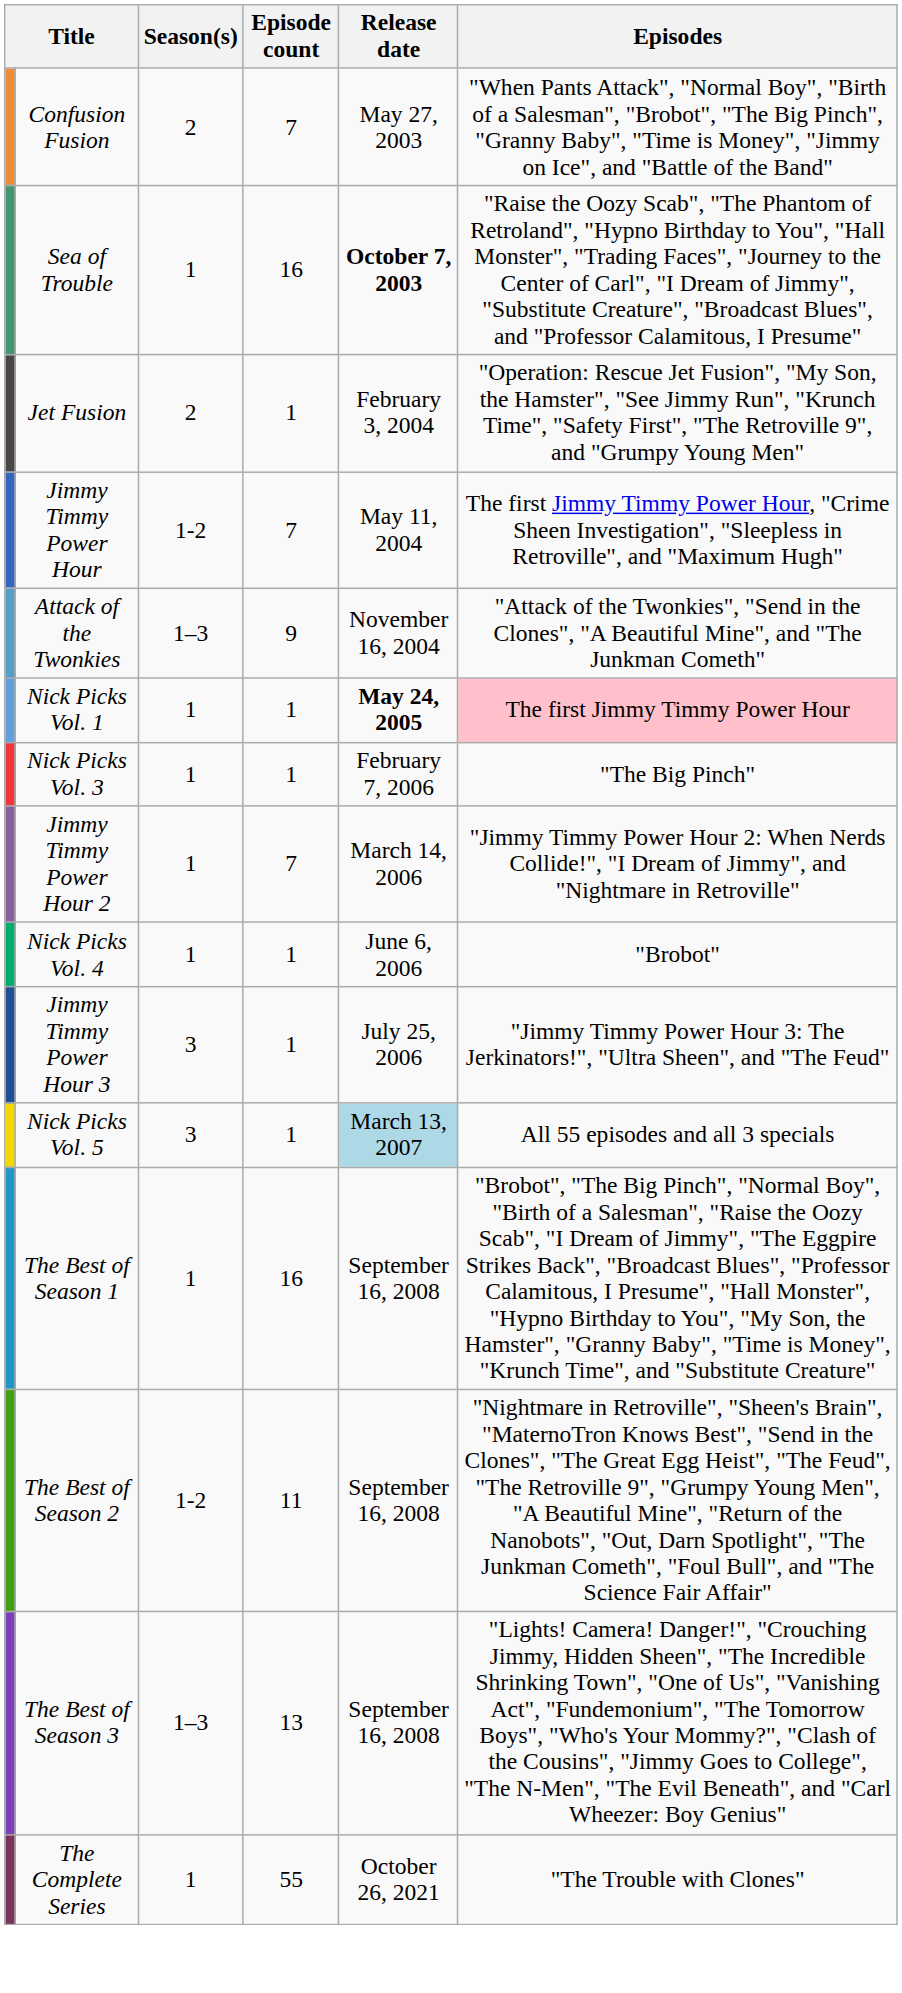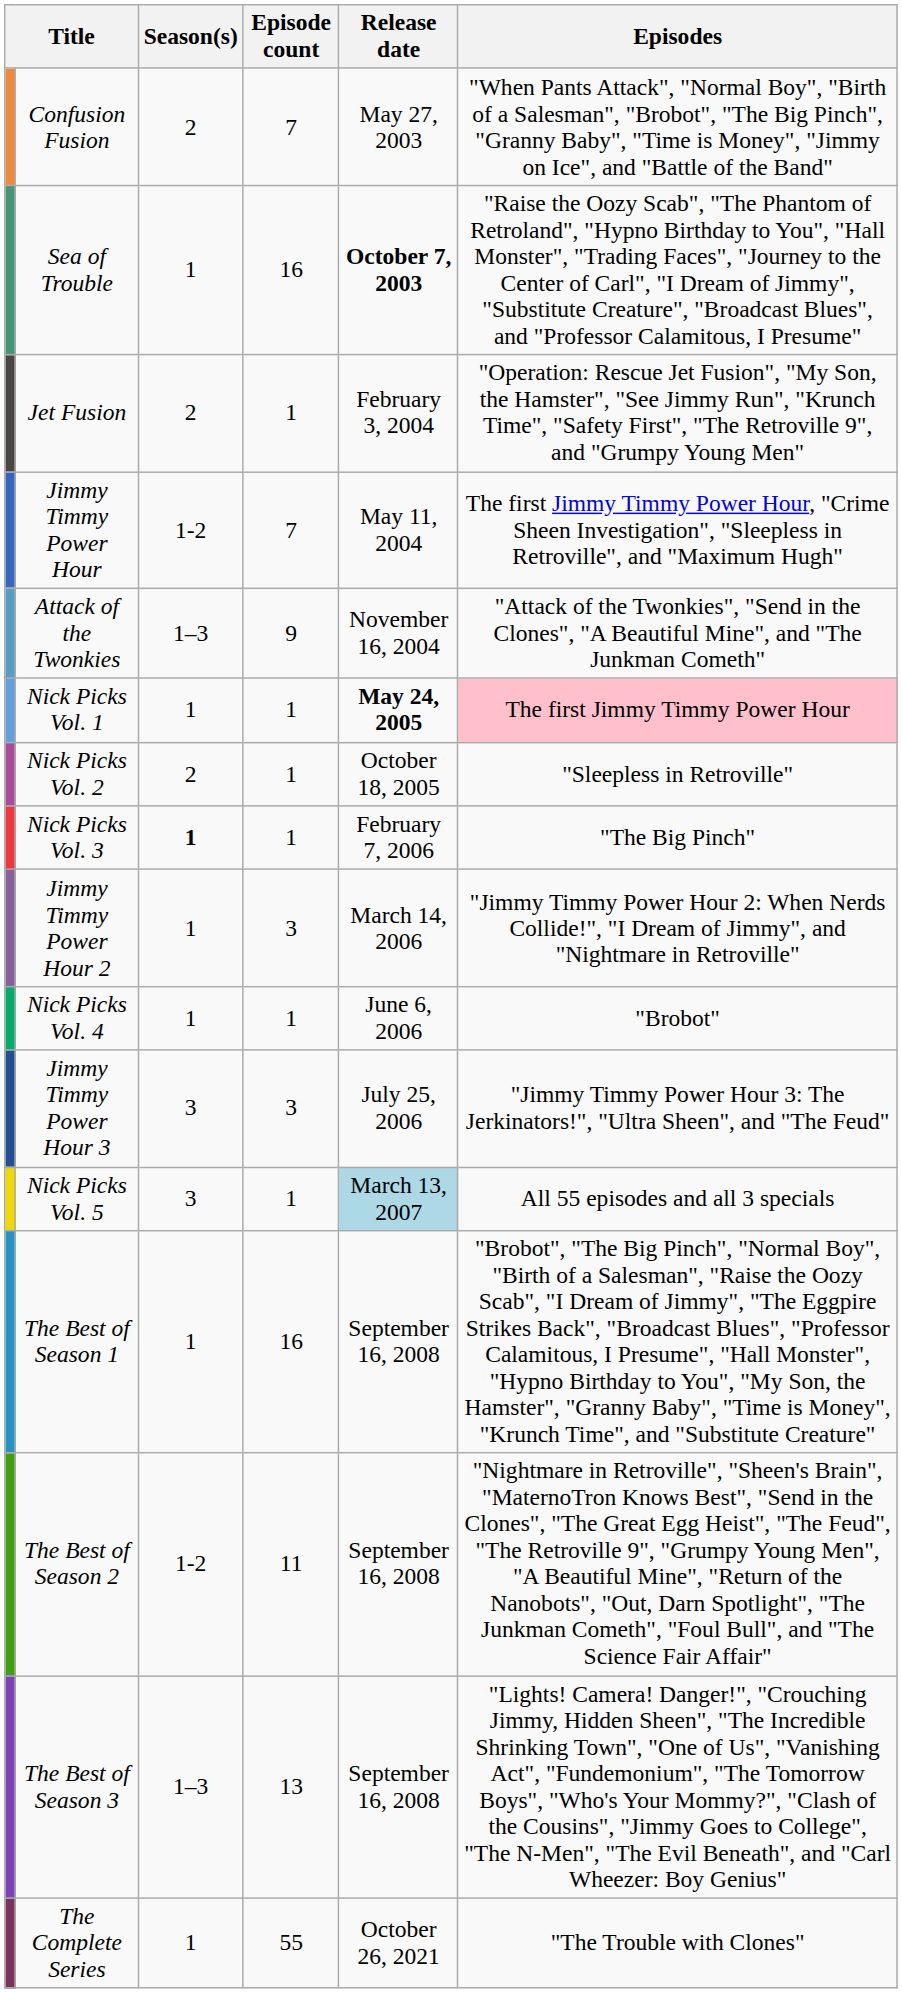 <table class="wikitable sortable" style="text-align: center;">
 <tr>
 <th colspan=2>Title</th>
 <th>Season(s)</th>
 <th>Episode count</th>
 <th>Release date</th>
 <th>Episodes</th>
 </tr>
 <tr>
 <td style="background:#ef8b38"></td>
 <td><em>Confusion Fusion</em></td>
 <td>2</td>
 <td>7</td>
 <td>May 27, 2003</td>
 <td>"When Pants Attack", "Normal Boy", "Birth of a Salesman", "Brobot", "The Big Pinch", "Granny Baby", "Time is Money", "Jimmy on Ice", and "Battle of the Band"</td>
 </tr>
 <tr>
 <td style="background:#429671"></td>
 <td><em>Sea of Trouble</em></td>
 <td>1</td>
 <td>16</td>
 <td><strong>October 7, 2003</strong></td>
 <td>"Raise the Oozy Scab", "The Phantom of Retroland", "Hypno Birthday to You", "Hall Monster", "Trading Faces", "Journey to the Center of Carl", "I Dream of Jimmy", "Substitute Creature", "Broadcast Blues", and "Professor Calamitous, I Presume"</td>
 </tr>
 <tr>
 <td style="background:#4a4645"></td>
 <td><em>Jet Fusion</em></td>
 <td>2</td>
 <td>1</td>
 <td>February 3, 2004</td>
 <td>"Operation: Rescue Jet Fusion", "My Son, the Hamster", "See Jimmy Run", "Krunch Time", "Safety First", "The Retroville 9", and "Grumpy Young Men"</td>
 </tr>
 <tr>
 <td style="background:#3565c1"></td>
 <td><em>Jimmy Timmy Power Hour</em></td>
 <td>1-2</td>
 <td>7</td>
 <td>May 11, 2004</td>
 <td>The first <a href='#'>Jimmy Timmy Power Hour</a>, "Crime Sheen Investigation", "Sleepless in Retroville", and "Maximum Hugh"</td>
 </tr>
 <tr>
 <td style="background:#579ec6"></td>
 <td><em>Attack of the Twonkies</em></td>
 <td>1–3</td>
 <td>9</td>
 <td>November 16, 2004</td>
 <td>"Attack of the Twonkies", "Send in the Clones", "A Beautiful Mine", and "The Junkman Cometh"</td>
 </tr>
 <tr>
 <td style="background:#61a0dd"></td>
 <td><em>Nick Picks Vol. 1</em></td>
 <td>1</td>
 <td>1</td>
 <td><strong>May 24, 2005</strong></td>
 <td style="background: pink;">The first Jimmy Timmy Power Hour</td>
 </tr>
 <tr>
+<td style="background:#ab4a9b"></td>
+<td><em>Nick Picks Vol. 2</em></td>
+<td>2</td>
+<td>1</td>
+<td>October 18, 2005</td>
+<td>"Sleepless in Retroville"</td>
+</tr>
+<tr>
 <td style="background:#f0353f"></td>
 <td><em>Nick Picks Vol. 3</em></td>
-<td>1</td>
+<td><strong>1</strong></td>
 <td>1</td>
 <td>February 7, 2006</td>
 <td>"The Big Pinch"</td>
 </tr>
 <tr>
 <td style="background:#895e9d"></td>
 <td><em>Jimmy Timmy Power Hour 2</em></td>
 <td>1</td>
-<td>7</td>
+<td>3</td>
 <td>March 14, 2006</td>
 <td>"Jimmy Timmy Power Hour 2: When Nerds Collide!", "I Dream of Jimmy", and "Nightmare in Retroville"</td>
 </tr>
 <tr>
 <td style="background:#00ac6e"></td>
 <td><em>Nick Picks Vol. 4</em></td>
 <td>1</td>
 <td>1</td>
 <td>June 6, 2006</td>
 <td>"Brobot"</td>
 </tr>
 <tr>
 <td style="background:#214f93"></td>
 <td><em>Jimmy Timmy Power Hour 3</em></td>
 <td>3</td>
-<td>1</td>
+<td>3</td>
 <td>July 25, 2006</td>
 <td>"Jimmy Timmy Power Hour 3: The Jerkinators!", "Ultra Sheen", and "The Feud"</td>
 </tr>
 <tr>
 <td style="background:#f1d801"></td>
 <td><em>Nick Picks Vol. 5</em></td>
 <td>3</td>
 <td>1</td>
 <td style="background: lightblue;">March 13, 2007</td>
 <td>All 55 episodes and all 3 specials</td>
 </tr>
 <tr>
 <td style="background:#2195c6"></td>
 <td><em>The Best of Season 1</em></td>
 <td>1</td>
 <td>16</td>
 <td>September 16, 2008</td>
 <td>"Brobot", "The Big Pinch", "Normal Boy", "Birth of a Salesman", "Raise the Oozy Scab", "I Dream of Jimmy", "The Eggpire Strikes Back", "Broadcast Blues", "Professor Calamitous, I Presume", "Hall Monster", "Hypno Birthday to You", "My Son, the Hamster", "Granny Baby", "Time is Money", "Krunch Time", and "Substitute Creature"</td>
 </tr>
 <tr>
 <td style="background:#41a00e"></td>
 <td><em>The Best of Season 2</em></td>
 <td>1-2</td>
 <td>11</td>
 <td>September 16, 2008</td>
 <td>"Nightmare in Retroville", "Sheen's Brain", "MaternoTron Knows Best", "Send in the Clones", "The Great Egg Heist", "The Feud", "The Retroville 9", "Grumpy Young Men", "A Beautiful Mine", "Return of the Nanobots", "Out, Darn Spotlight", "The Junkman Cometh", "Foul Bull", and "The Science Fair Affair"</td>
 </tr>
 <tr>
 <td style="background:#7c41b8"></td>
 <td><em>The Best of Season 3</em></td>
 <td>1–3</td>
 <td>13</td>
 <td>September 16, 2008</td>
 <td>"Lights! Camera! Danger!", "Crouching Jimmy, Hidden Sheen", "The Incredible Shrinking Town", "One of Us", "Vanishing Act", "Fundemonium", "The Tomorrow Boys", "Who's Your Mommy?", "Clash of the Cousins", "Jimmy Goes to College", "The N-Men", "The Evil Beneath", and "Carl Wheezer: Boy Genius"</td>
 </tr>
 <tr>
 <td style="background:#7a335d"></td>
 <td><em>The Complete Series</em></td>
 <td>1</td>
 <td>55</td>
 <td>October 26, 2021</td>
 <td>"The Trouble with Clones"</td>
 </tr>
 </table>
